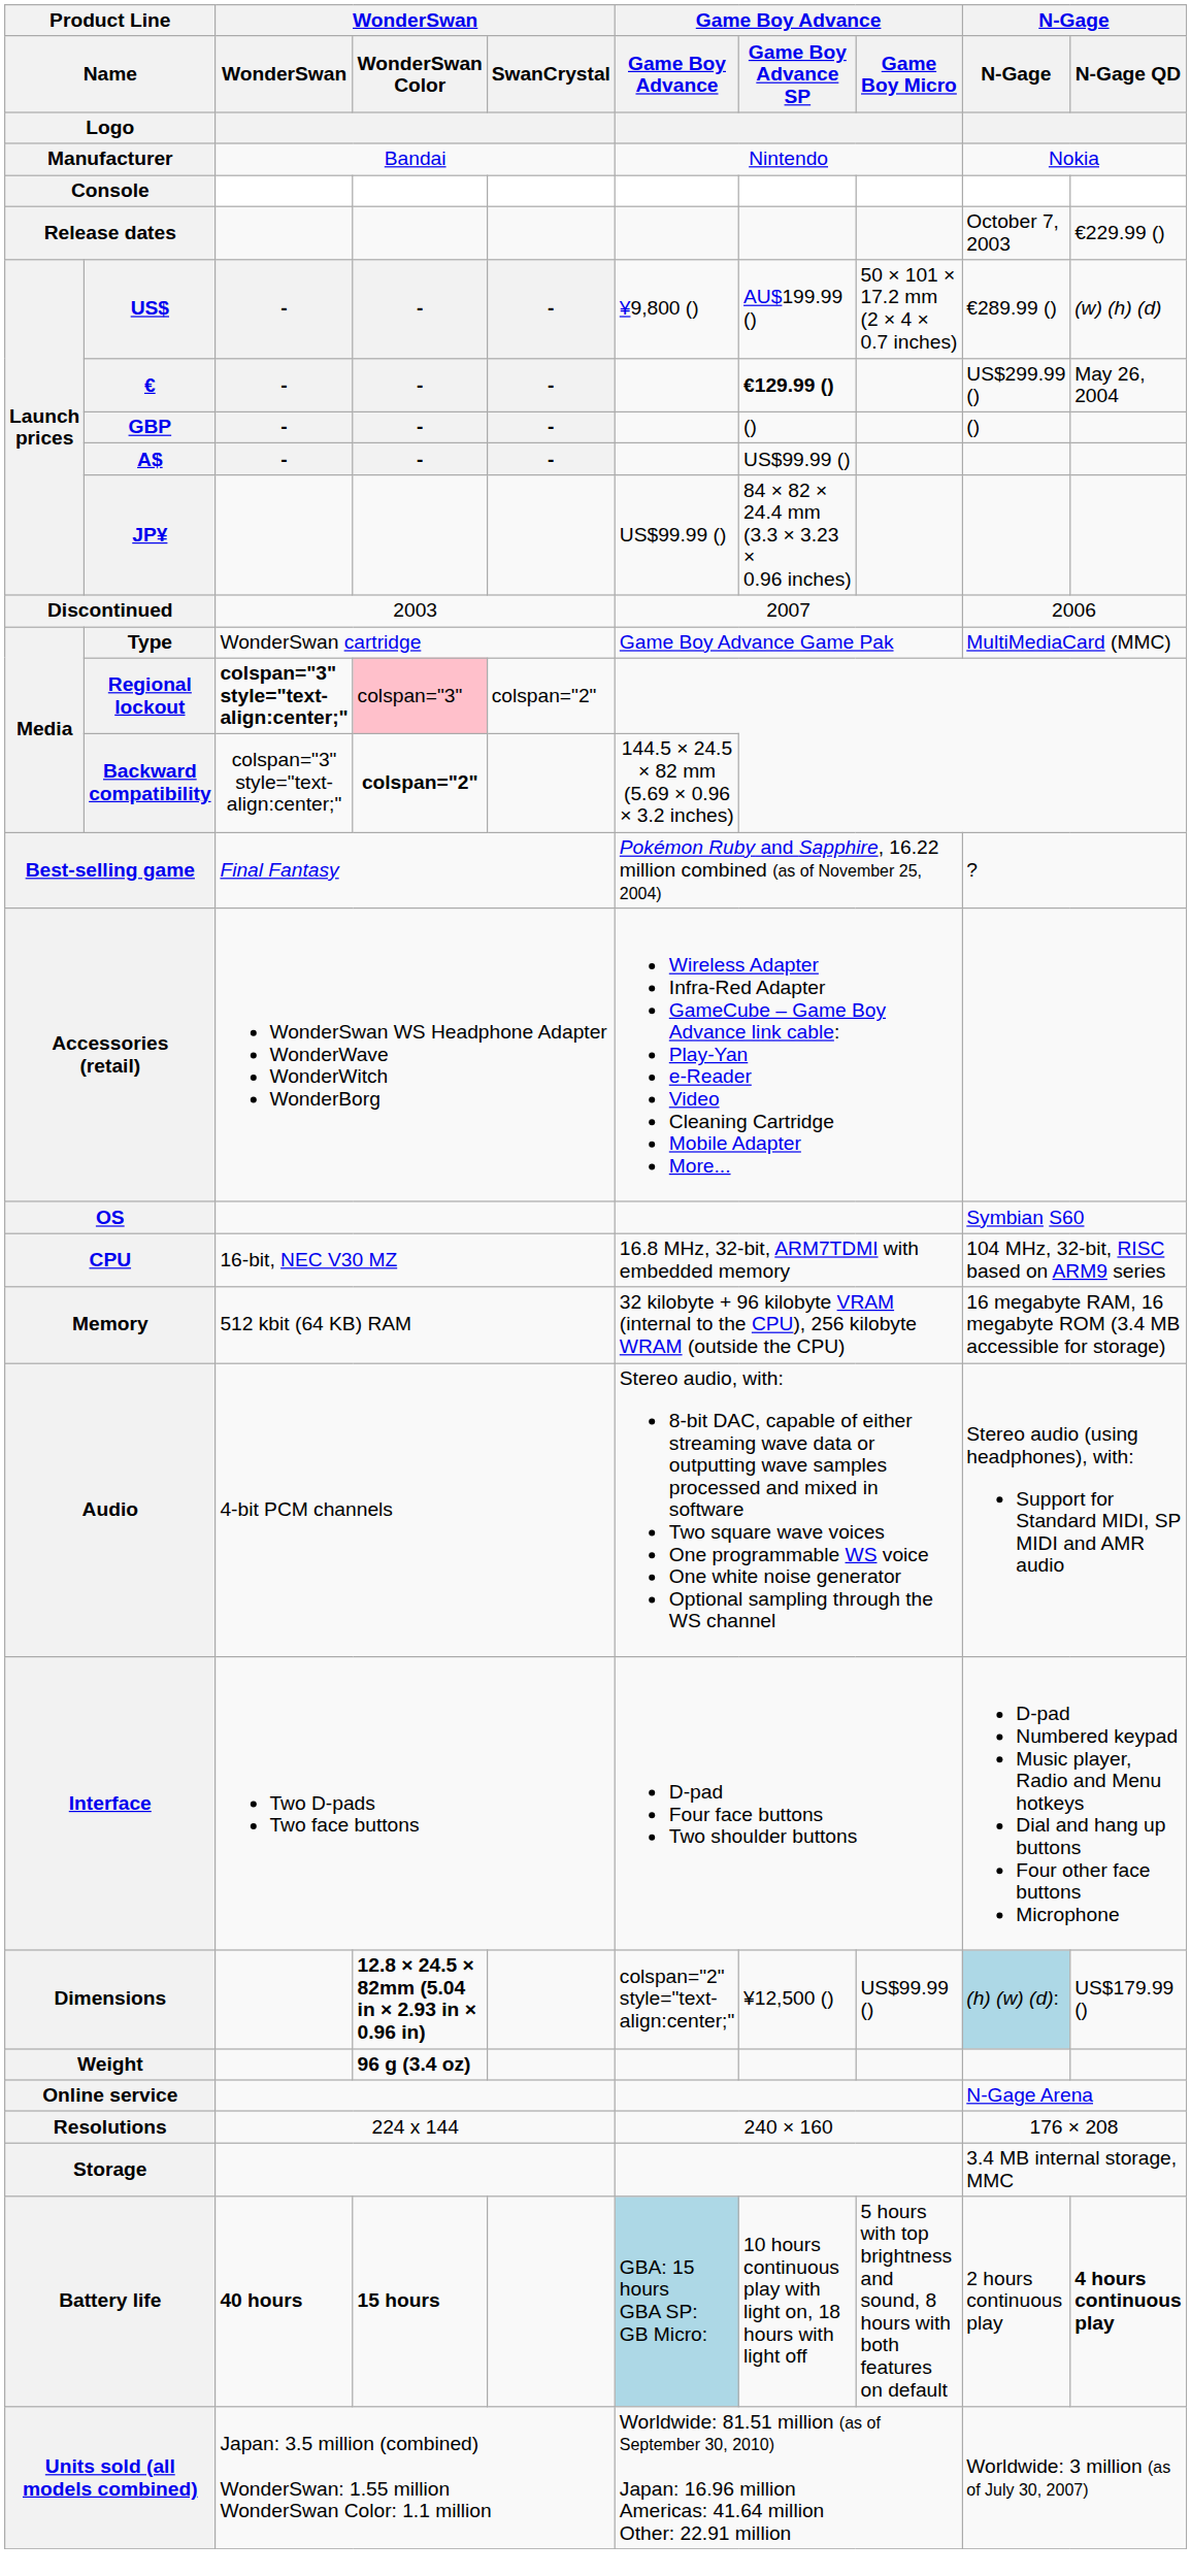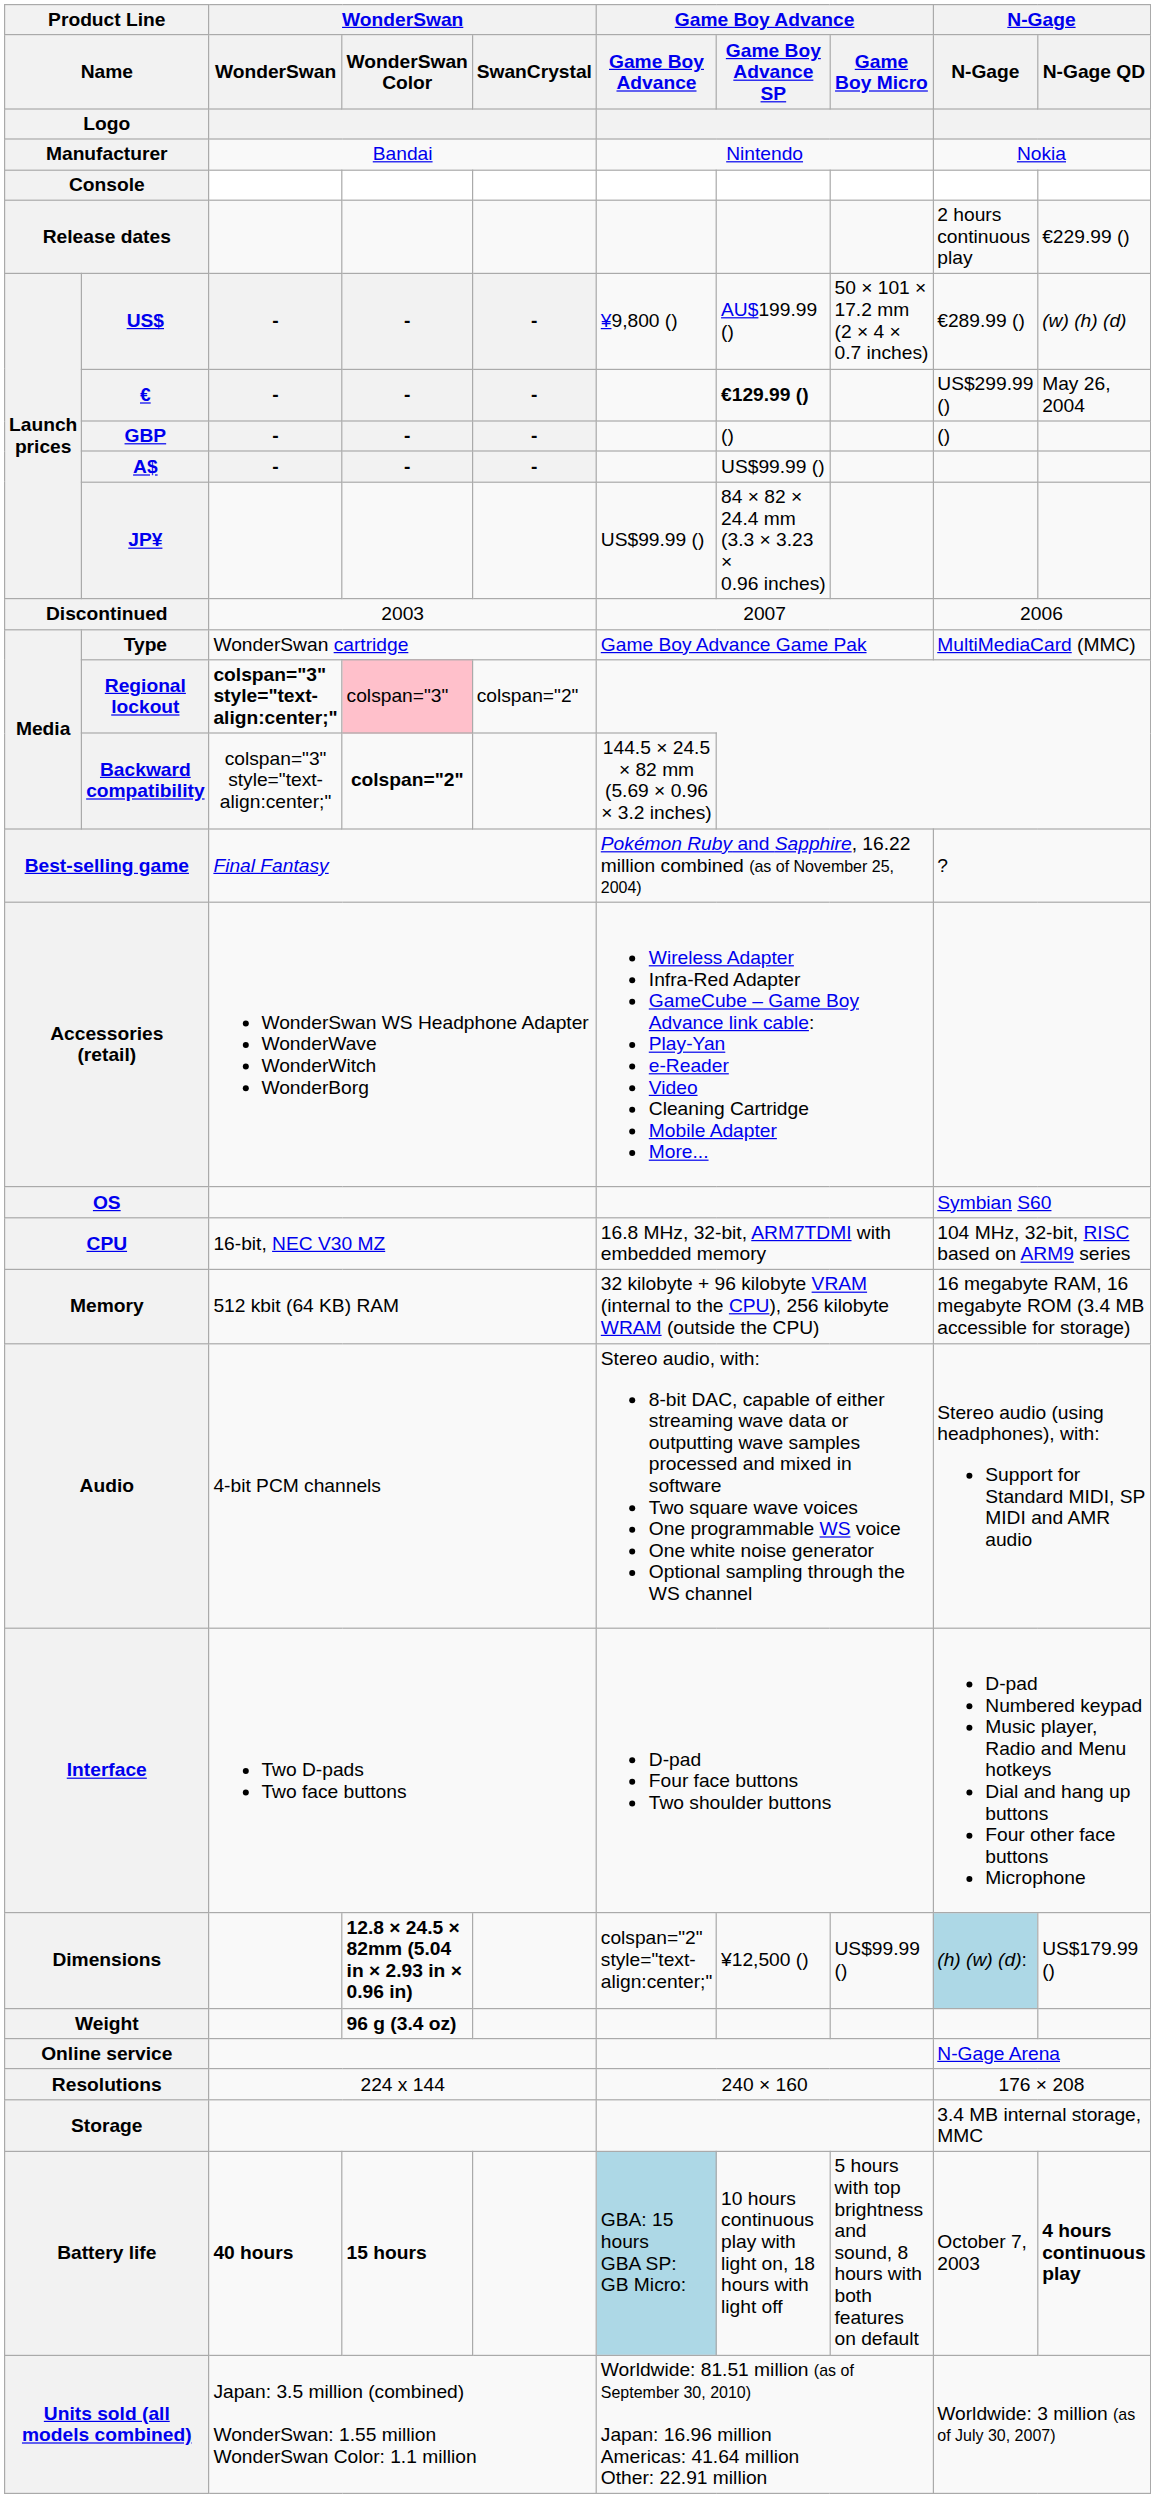 <table class="wikitable">
 <tr>
 <th colspan="2" style="width: 5%">Product Line</th>
 <th colspan="3" style="width: 20%;"><a href='#'>WonderSwan</a></th>
 <th colspan="3" style="width: 25%;"><a href='#'>Game Boy Advance</a></th>
 <th colspan="2" style="width: 20%;"><a href='#'>N-Gage</a></th>
 </tr>
 <tr>
 <th colspan="2">Name</th>
 <th>WonderSwan</th>
 <th>WonderSwan Color</th>
 <th>SwanCrystal</th>
 <th><a href='#'>Game Boy Advance</a></th>
 <th><a href='#'>Game Boy Advance SP</a></th>
 <th><a href='#'>Game Boy Micro</a></th>
 <th>N-Gage</th>
 <th>N-Gage QD</th>
 </tr>
 <tr style="text-align:center;">
 <th colspan="2">Logo</th>
 <th colspan="3"></th>
 <th colspan="3"></th>
 <th colspan="2"></th>
 </tr>
 <tr style="text-align:center;">
 <th colspan="2">Manufacturer</th>
 <td colspan="3"><a href='#'>Bandai</a></td>
 <td colspan="3"><a href='#'>Nintendo</a></td>
 <td colspan="2"><a href='#'>Nokia</a></td>
 </tr>
 <tr style="text-align:center;">
 <th colspan="2">Console</th>
 <td style="background: white;"></td>
 <td style="background: white;"></td>
 <td style="background: white;"></td>
 <td style="background: white;"></td>
 <td style="background: white;"></td>
 <td style="background: white;"></td>
 <td style="background: white;"></td>
 <td style="background: white;"></td>
 </tr>
 <tr>
 <th colspan="2">Release dates</th>
 <td></td>
 <td></td>
 <td></td>
 <td></td>
 <td></td>
 <td><br></td>
-<td>October 7, 2003</td>
+<td>2 hours continuous play</td>
 <td>€229.99 ()</td>
 </tr>
 <tr>
 <th rowspan="5">Launch prices</th>
 <th><a href='#'>US$</a></th>
 <th>-</th>
 <th>-</th>
 <th>-</th>
 <td><a href='#'>¥</a>9,800 ()</td>
 <td><a href='#'>AU$</a>199.99 ()</td>
 <td>50 × 101 × 17.2 mm (2 × 4 × 0.7 inches)</td>
 <td>€289.99 ()</td>
 <td> <em>(w)</em>  <em>(h)</em>  <em>(d)</em></td>
 </tr>
 <tr>
 <th><a href='#'>€</a></th>
 <th>-</th>
 <th>-</th>
 <th>-</th>
 <td></td>
 <td><strong>€129.99 ()</strong></td>
 <td></td>
 <td>US$299.99 ()</td>
 <td>May 26, 2004</td>
 </tr>
 <tr>
 <th><a href='#'>GBP</a></th>
 <th>-</th>
 <th>-</th>
 <th>-</th>
 <td></td>
 <td> ()</td>
 <td></td>
 <td> ()</td>
 <td></td>
 </tr>
 <tr>
 <th><a href='#'>A$</a></th>
 <th>-</th>
 <th>-</th>
 <th>-</th>
 <td></td>
 <td>US$99.99 ()</td>
 <td></td>
 <td></td>
 <td></td>
 </tr>
 <tr>
 <th><a href='#'>JP¥</a></th>
 <td></td>
 <td></td>
 <td></td>
 <td>US$99.99 ()</td>
 <td>84 × 82 × 24.4 mm (3.3 × 3.23 × 0.96 inches)</td>
 <td></td>
 <td></td>
 <td></td>
 </tr>
 <tr style="text-align:center;">
 <th colspan="2">Discontinued</th>
 <td colspan="3">2003</td>
 <td colspan="3">2007</td>
 <td colspan="2">2006</td>
 </tr>
 <tr>
 <th rowspan="3">Media</th>
 <th>Type</th>
 <td colspan="3">WonderSwan <a href='#'>cartridge</a></td>
 <td colspan="3"><a href='#'>Game Boy Advance Game Pak</a></td>
 <td colspan="2"><a href='#'>MultiMediaCard</a> (MMC)</td>
 </tr>
 <tr>
 <th><a href='#'>Regional lockout</a></th>
 <td><strong>colspan="3" style="text-align:center;" </strong></td>
 <td style="background: pink;">colspan="3" </td>
 <td>colspan="2" </td>
 </tr>
 <tr style="text-align:center;">
 <th><a href='#'>Backward compatibility</a></th>
 <td>colspan="3" style="text-align:center;" </td>
 <td><strong>colspan="2" </strong></td>
 <td></td>
 <td>144.5 × 24.5 × 82 mm (5.69 × 0.96 × 3.2 inches)</td>
 </tr>
 <tr>
 <th colspan="2"><a href='#'>Best-selling game</a></th>
 <td colspan="3"><a href='#'><em>Final Fantasy</em></a></td>
 <td colspan="3"><a href='#'><em>Pokémon Ruby</em> and <em>Sapphire</em></a>, 16.22 million combined <small>(as of November 25, 2004)</small></td>
 <td colspan="2">?</td>
 </tr>
 <tr>
 <th colspan="2">Accessories<br>(retail)</th>
 <td colspan="3"><br><ul><li>WonderSwan WS Headphone Adapter</li><li>WonderWave</li><li>WonderWitch</li><li>WonderBorg</li></ul></td>
 <td colspan="3"><br><ul><li><a href='#'>Wireless Adapter</a></li><li>Infra-Red Adapter</li><li><a href='#'>GameCube – Game Boy Advance link cable</a>:</li><li><a href='#'>Play-Yan</a></li><li><a href='#'>e-Reader</a></li><li><a href='#'>Video</a></li><li>Cleaning Cartridge</li><li><a href='#'>Mobile Adapter</a></li><li><a href='#'>More...</a></li></ul></td>
 <td colspan="2"></td>
 </tr>
 <tr>
 <th colspan="2"><a href='#'>OS</a></th>
 <td colspan="3"></td>
 <td colspan="3"></td>
 <td colspan="2"><a href='#'>Symbian</a> <a href='#'>S60</a></td>
 </tr>
 <tr>
 <th colspan="2"><a href='#'>CPU</a></th>
 <td colspan="3">16-bit, <a href='#'>NEC V30 MZ</a></td>
 <td colspan="3">16.8 MHz, 32-bit, <a href='#'>ARM7TDMI</a> with embedded memory</td>
 <td colspan="2">104 MHz, 32-bit, <a href='#'>RISC</a> based on <a href='#'>ARM9</a> series</td>
 </tr>
 <tr>
 <th colspan="2">Memory</th>
 <td colspan="3">512 kbit (64 KB) RAM</td>
 <td colspan="3">32 kilobyte + 96 kilobyte <a href='#'>VRAM</a> (internal to the <a href='#'>CPU</a>), 256 kilobyte <a href='#'>WRAM</a> (outside the CPU)</td>
 <td colspan="2">16 megabyte RAM, 16 megabyte ROM (3.4 MB accessible for storage)</td>
 </tr>
 <tr>
 <th colspan="2">Audio</th>
 <td colspan="3">4-bit PCM channels</td>
 <td colspan="3">Stereo audio, with:<br><ul><li>8-bit DAC, capable of either streaming wave data or outputting wave samples processed and mixed in software</li><li>Two square wave voices</li><li>One programmable <a href='#'>WS</a> voice</li><li>One white noise generator</li><li>Optional sampling through the WS channel</li></ul></td>
 <td colspan="2">Stereo audio (using headphones), with:<br><ul><li>Support for Standard MIDI, SP MIDI and AMR audio</li></ul></td>
 </tr>
 <tr>
 <th colspan="2"><a href='#'>Interface</a></th>
 <td colspan="3"><br><ul><li>Two D-pads</li><li>Two face buttons</li></ul></td>
 <td colspan="3"><br><ul><li>D-pad</li><li>Four face buttons</li><li>Two shoulder buttons</li></ul></td>
 <td colspan="2"><br><ul><li>D-pad</li><li>Numbered keypad</li><li>Music player, Radio and Menu hotkeys</li><li>Dial and hang up buttons</li><li>Four other face buttons</li><li>Microphone</li></ul></td>
 </tr>
 <tr>
 <th colspan="2">Dimensions</th>
 <td></td>
 <td><strong>12.8 × 24.5 × 82mm (5.04 in × 2.93 in × 0.96 in)</strong></td>
 <td></td>
 <td>colspan="2" style="text-align:center;" </td>
 <td>¥12,500 ()</td>
 <td>US$99.99 ()</td>
 <td style="background: lightblue;"> <em>(h)</em>  <em>(w)</em>  <em>(d)</em>:</td>
 <td>US$179.99 ()</td>
 </tr>
 <tr>
 <th colspan="2">Weight</th>
 <td></td>
 <td><strong>96 g (3.4 oz)</strong></td>
 <td></td>
 <td></td>
 <td></td>
 <td></td>
 <td></td>
 <td></td>
 </tr>
 <tr>
 <th colspan="2">Online service</th>
 <td colspan="3"></td>
 <td colspan="3"></td>
 <td colspan="2"><a href='#'>N-Gage Arena</a></td>
 </tr>
 <tr style="text-align:center;">
 <th colspan="2">Resolutions</th>
 <td colspan="3">224 x 144</td>
 <td colspan="3">240 × 160</td>
 <td colspan="2">176 × 208</td>
 </tr>
 <tr>
 <th colspan="2">Storage</th>
 <td colspan="3"></td>
 <td colspan="3"></td>
 <td colspan="2">3.4 MB internal storage, MMC</td>
 </tr>
 <tr>
 <th colspan="2">Battery life</th>
 <td><strong>40 hours</strong></td>
 <td><strong>15 hours</strong></td>
 <td></td>
 <td style="background: lightblue;">GBA: 15 hours<br>GBA SP: <br>GB Micro:</td>
 <td>10 hours continuous play with light on, 18 hours with light off</td>
 <td>5 hours with top brightness and sound, 8 hours with both features on default</td>
-<td>2 hours continuous play</td>
+<td>October 7, 2003</td>
 <td><strong>4 hours continuous play</strong></td>
 </tr>
 <tr>
 <th colspan="2"><a href='#'>Units sold (all models combined)</a></th>
 <td colspan="3">Japan: 3.5 million (combined)<br><br>WonderSwan: 1.55 million <br> WonderSwan Color: 1.1 million</td>
 <td colspan="3">Worldwide: 81.51 million <small>(as of September 30, 2010)</small><br><br>Japan: 16.96 million<br> Americas: 41.64 million <br> Other: 22.91 million</td>
 <td colspan="2">Worldwide: 3 million <small>(as of July 30, 2007)</small></td>
 </tr>
 </table>
